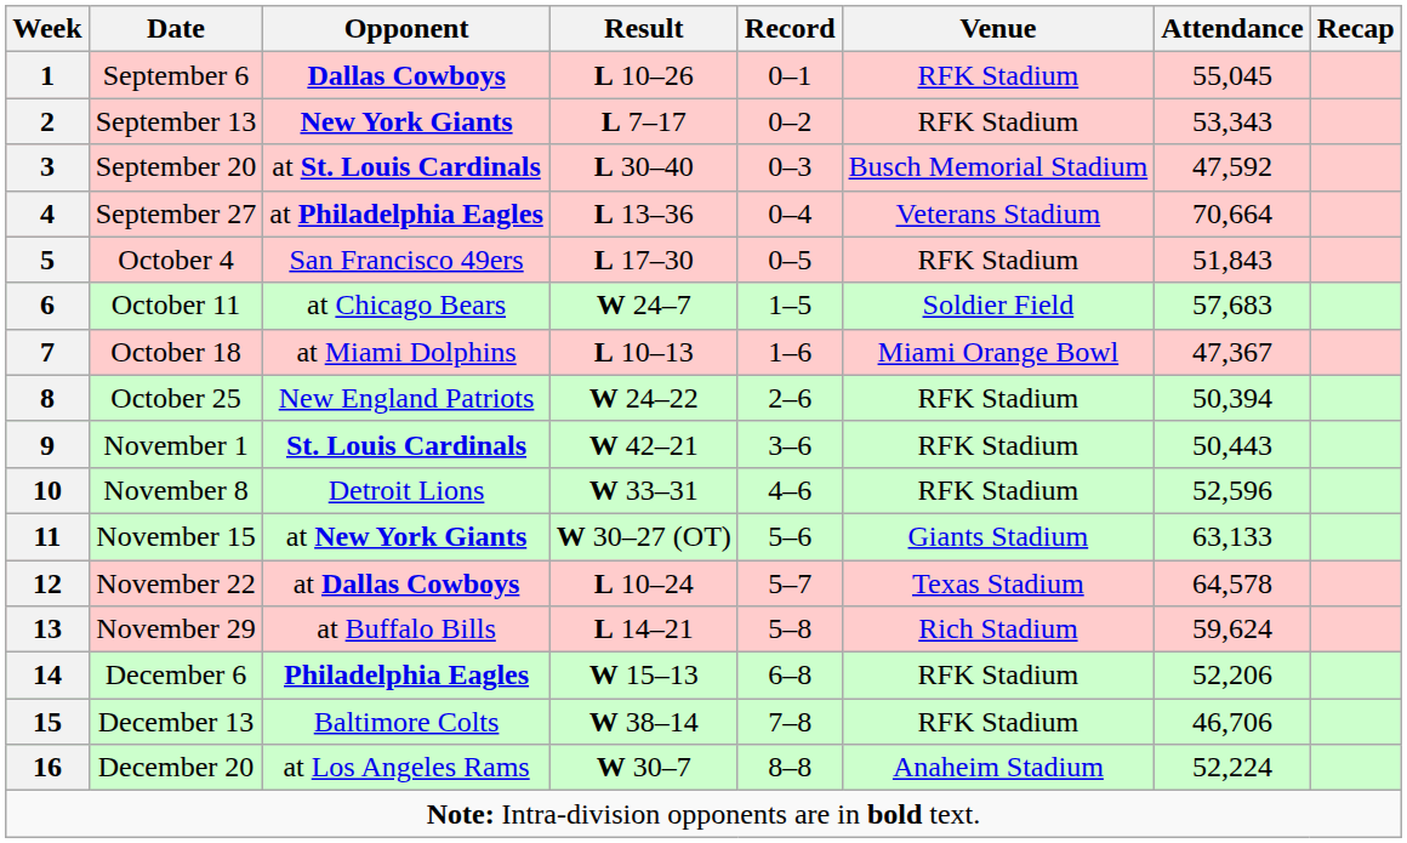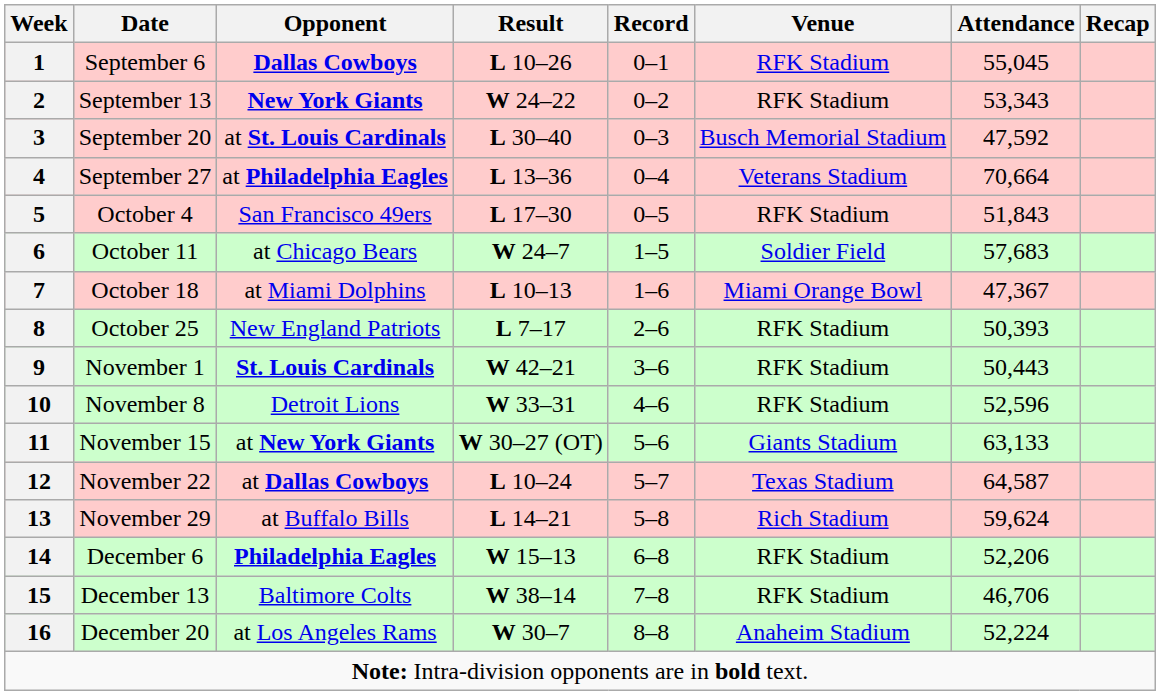 <table class="wikitable" style="text-align:center">
 <tr>
 <th>Week</th>
 <th>Date</th>
 <th>Opponent</th>
 <th>Result</th>
 <th>Record</th>
 <th>Venue</th>
 <th>Attendance</th>
 <th>Recap</th>
 </tr>
 <tr style="background:#fcc">
 <th>1</th>
 <td>September 6</td>
 <td><strong><a href='#'>Dallas Cowboys</a></strong></td>
 <td><strong>L</strong> 10–26</td>
 <td>0–1</td>
 <td><a href='#'>RFK Stadium</a></td>
 <td>55,045</td>
 <td></td>
 </tr>
 <tr style="background:#fcc">
 <th>2</th>
 <td>September 13</td>
 <td><strong><a href='#'>New York Giants</a></strong></td>
-<td><strong>L</strong> 7–17</td>
+<td><strong>W</strong> 24–22</td>
 <td>0–2</td>
 <td>RFK Stadium</td>
 <td>53,343</td>
 <td></td>
 </tr>
 <tr style="background:#fcc">
 <th>3</th>
 <td>September 20</td>
 <td>at <strong><a href='#'>St. Louis Cardinals</a></strong></td>
 <td><strong>L</strong> 30–40</td>
 <td>0–3</td>
 <td><a href='#'>Busch Memorial Stadium</a></td>
 <td>47,592</td>
 <td></td>
 </tr>
 <tr style="background:#fcc">
 <th>4</th>
 <td>September 27</td>
 <td>at <strong><a href='#'>Philadelphia Eagles</a></strong></td>
 <td><strong>L</strong> 13–36</td>
 <td>0–4</td>
 <td><a href='#'>Veterans Stadium</a></td>
 <td>70,664</td>
 <td></td>
 </tr>
 <tr style="background:#fcc">
 <th>5</th>
 <td>October 4</td>
 <td><a href='#'>San Francisco 49ers</a></td>
 <td><strong>L</strong> 17–30</td>
 <td>0–5</td>
 <td>RFK Stadium</td>
 <td>51,843</td>
 <td></td>
 </tr>
 <tr style="background:#cfc">
 <th>6</th>
 <td>October 11</td>
 <td>at <a href='#'>Chicago Bears</a></td>
 <td><strong>W</strong> 24–7</td>
 <td>1–5</td>
 <td><a href='#'>Soldier Field</a></td>
 <td>57,683</td>
 <td></td>
 </tr>
 <tr style="background:#fcc">
 <th>7</th>
 <td>October 18</td>
 <td>at <a href='#'>Miami Dolphins</a></td>
 <td><strong>L</strong> 10–13</td>
 <td>1–6</td>
 <td><a href='#'>Miami Orange Bowl</a></td>
 <td>47,367</td>
 <td></td>
 </tr>
 <tr style="background:#cfc">
 <th>8</th>
 <td>October 25</td>
 <td><a href='#'>New England Patriots</a></td>
-<td><strong>W</strong> 24–22</td>
+<td><strong>L</strong> 7–17</td>
 <td>2–6</td>
 <td>RFK Stadium</td>
-<td>50,394</td>
+<td>50,393</td>
 <td></td>
 </tr>
 <tr style="background:#cfc">
 <th>9</th>
 <td>November 1</td>
 <td><strong><a href='#'>St. Louis Cardinals</a></strong></td>
 <td><strong>W</strong> 42–21</td>
 <td>3–6</td>
 <td>RFK Stadium</td>
 <td>50,443</td>
 <td></td>
 </tr>
 <tr style="background:#cfc">
 <th>10</th>
 <td>November 8</td>
 <td><a href='#'>Detroit Lions</a></td>
 <td><strong>W</strong> 33–31</td>
 <td>4–6</td>
 <td>RFK Stadium</td>
 <td>52,596</td>
 <td></td>
 </tr>
 <tr style="background:#cfc">
 <th>11</th>
 <td>November 15</td>
 <td>at <strong><a href='#'>New York Giants</a></strong></td>
 <td><strong>W</strong> 30–27 (OT)</td>
 <td>5–6</td>
 <td><a href='#'>Giants Stadium</a></td>
 <td>63,133</td>
 <td></td>
 </tr>
 <tr style="background:#fcc">
 <th>12</th>
 <td>November 22</td>
 <td>at <strong><a href='#'>Dallas Cowboys</a></strong></td>
 <td><strong>L</strong> 10–24</td>
 <td>5–7</td>
 <td><a href='#'>Texas Stadium</a></td>
-<td>64,578</td>
+<td>64,587</td>
 <td></td>
 </tr>
 <tr style="background:#fcc">
 <th>13</th>
 <td>November 29</td>
 <td>at <a href='#'>Buffalo Bills</a></td>
 <td><strong>L</strong> 14–21</td>
 <td>5–8</td>
 <td><a href='#'>Rich Stadium</a></td>
 <td>59,624</td>
 <td></td>
 </tr>
 <tr style="background:#cfc">
 <th>14</th>
 <td>December 6</td>
 <td><strong><a href='#'>Philadelphia Eagles</a></strong></td>
 <td><strong>W</strong> 15–13</td>
 <td>6–8</td>
 <td>RFK Stadium</td>
 <td>52,206</td>
 <td></td>
 </tr>
 <tr style="background:#cfc">
 <th>15</th>
 <td>December 13</td>
 <td><a href='#'>Baltimore Colts</a></td>
 <td><strong>W</strong> 38–14</td>
 <td>7–8</td>
 <td>RFK Stadium</td>
 <td>46,706</td>
 <td></td>
 </tr>
 <tr style="background:#cfc">
 <th>16</th>
 <td>December 20</td>
 <td>at <a href='#'>Los Angeles Rams</a></td>
 <td><strong>W</strong> 30–7</td>
 <td>8–8</td>
 <td><a href='#'>Anaheim Stadium</a></td>
 <td>52,224</td>
 <td></td>
 </tr>
 <tr>
 <td colspan="8"><strong>Note:</strong> Intra-division opponents are in <strong>bold</strong> text.</td>
 </tr>
 </table>
